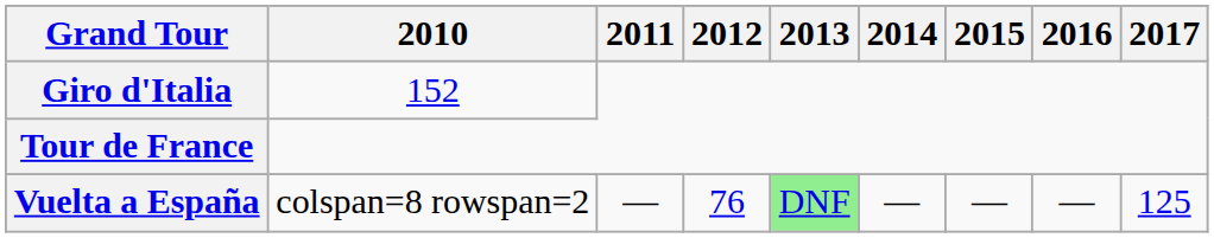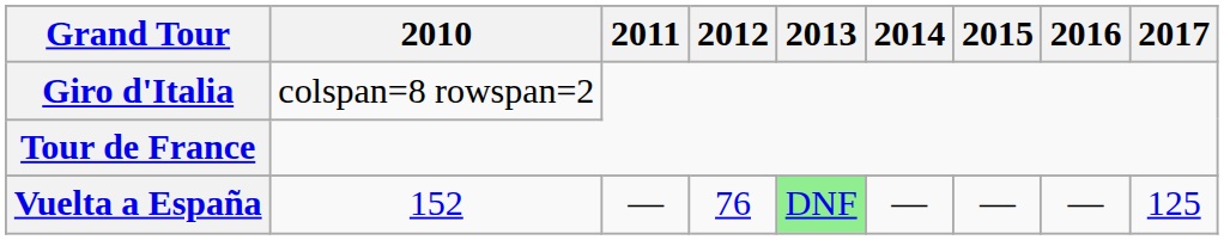 <table class="wikitable plainrowheaders">
 <tr>
 <th scope="col"><a href='#'>Grand Tour</a></th>
 <th scope="col">2010</th>
 <th scope="col">2011</th>
 <th scope="col">2012</th>
 <th scope="col">2013</th>
 <th scope="col">2014</th>
 <th scope="col">2015</th>
 <th scope="col">2016</th>
 <th scope="col">2017</th>
 </tr>
 <tr style="text-align:center;">
 <th scope="row"> <a href='#'>Giro d'Italia</a></th>
-<td><a href='#'>152</a></td>
+<td>colspan=8 rowspan=2 </td>
 </tr>
 <tr style="text-align:center;">
 <th scope="row"> <a href='#'>Tour de France</a></th>
 </tr>
 <tr style="text-align:center;">
 <th scope="row"> <a href='#'>Vuelta a España</a></th>
-<td>colspan=8 rowspan=2 </td>
+<td><a href='#'>152</a></td>
 <td>—</td>
 <td><a href='#'>76</a></td>
 <td style="background: lightgreen;"><a href='#'>DNF</a></td>
 <td>—</td>
 <td>—</td>
 <td>—</td>
 <td><a href='#'>125</a></td>
 </tr>
 </table>
